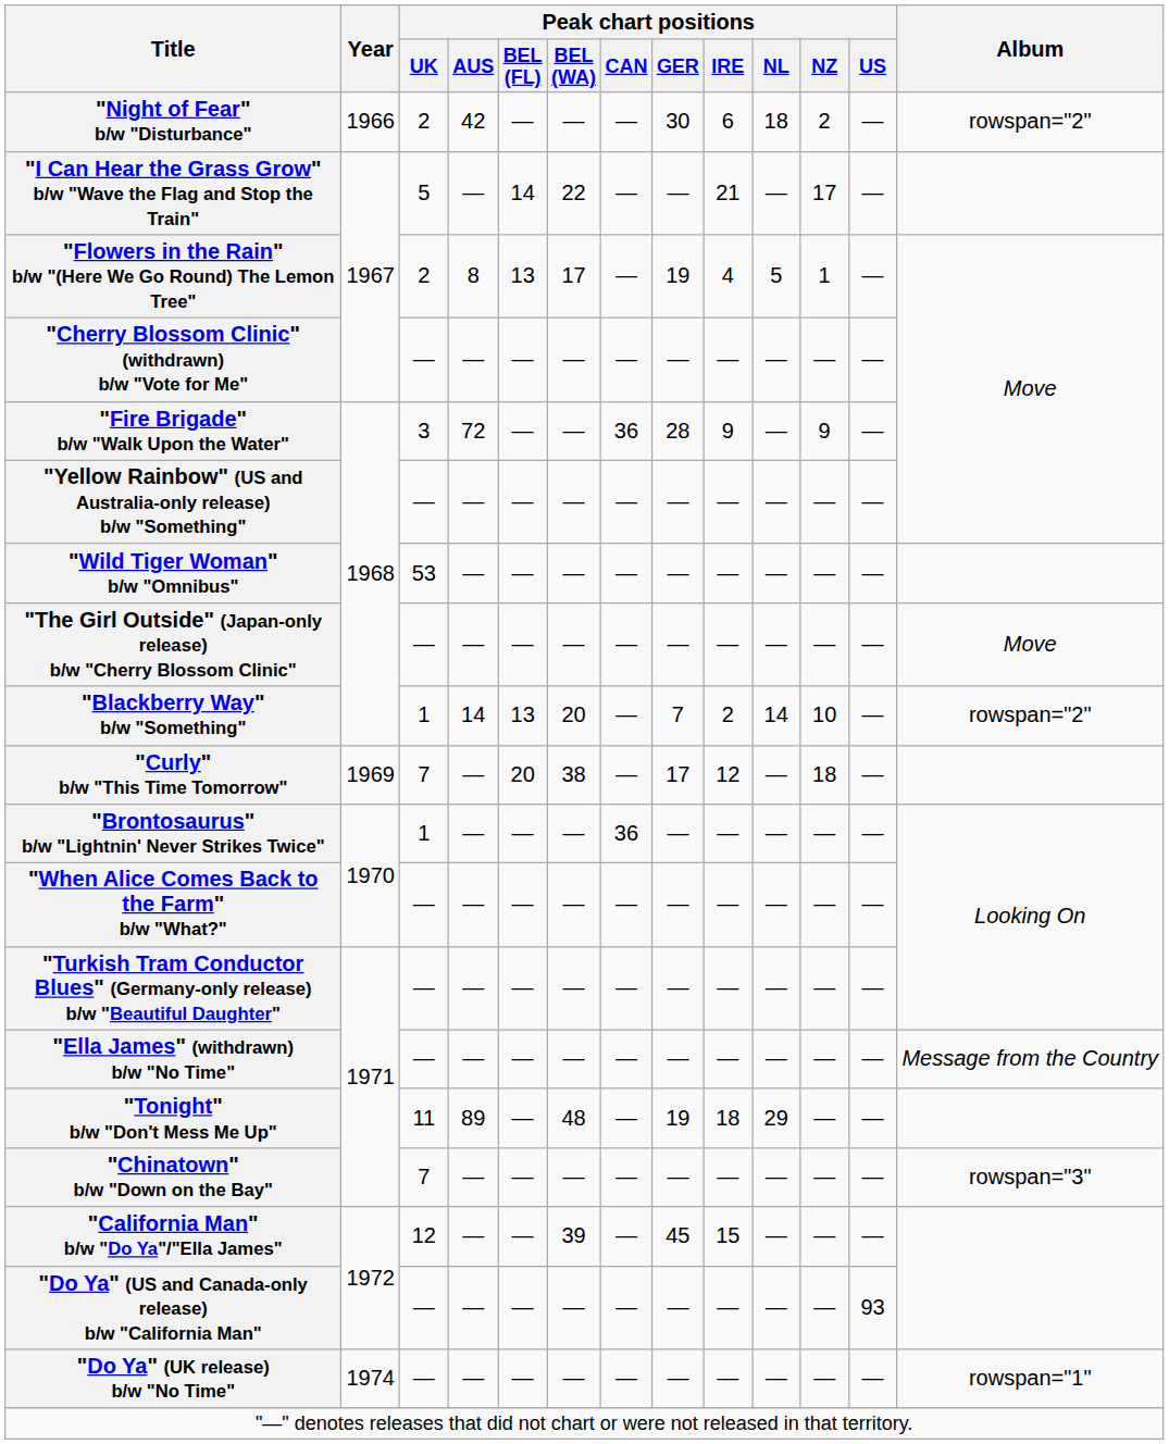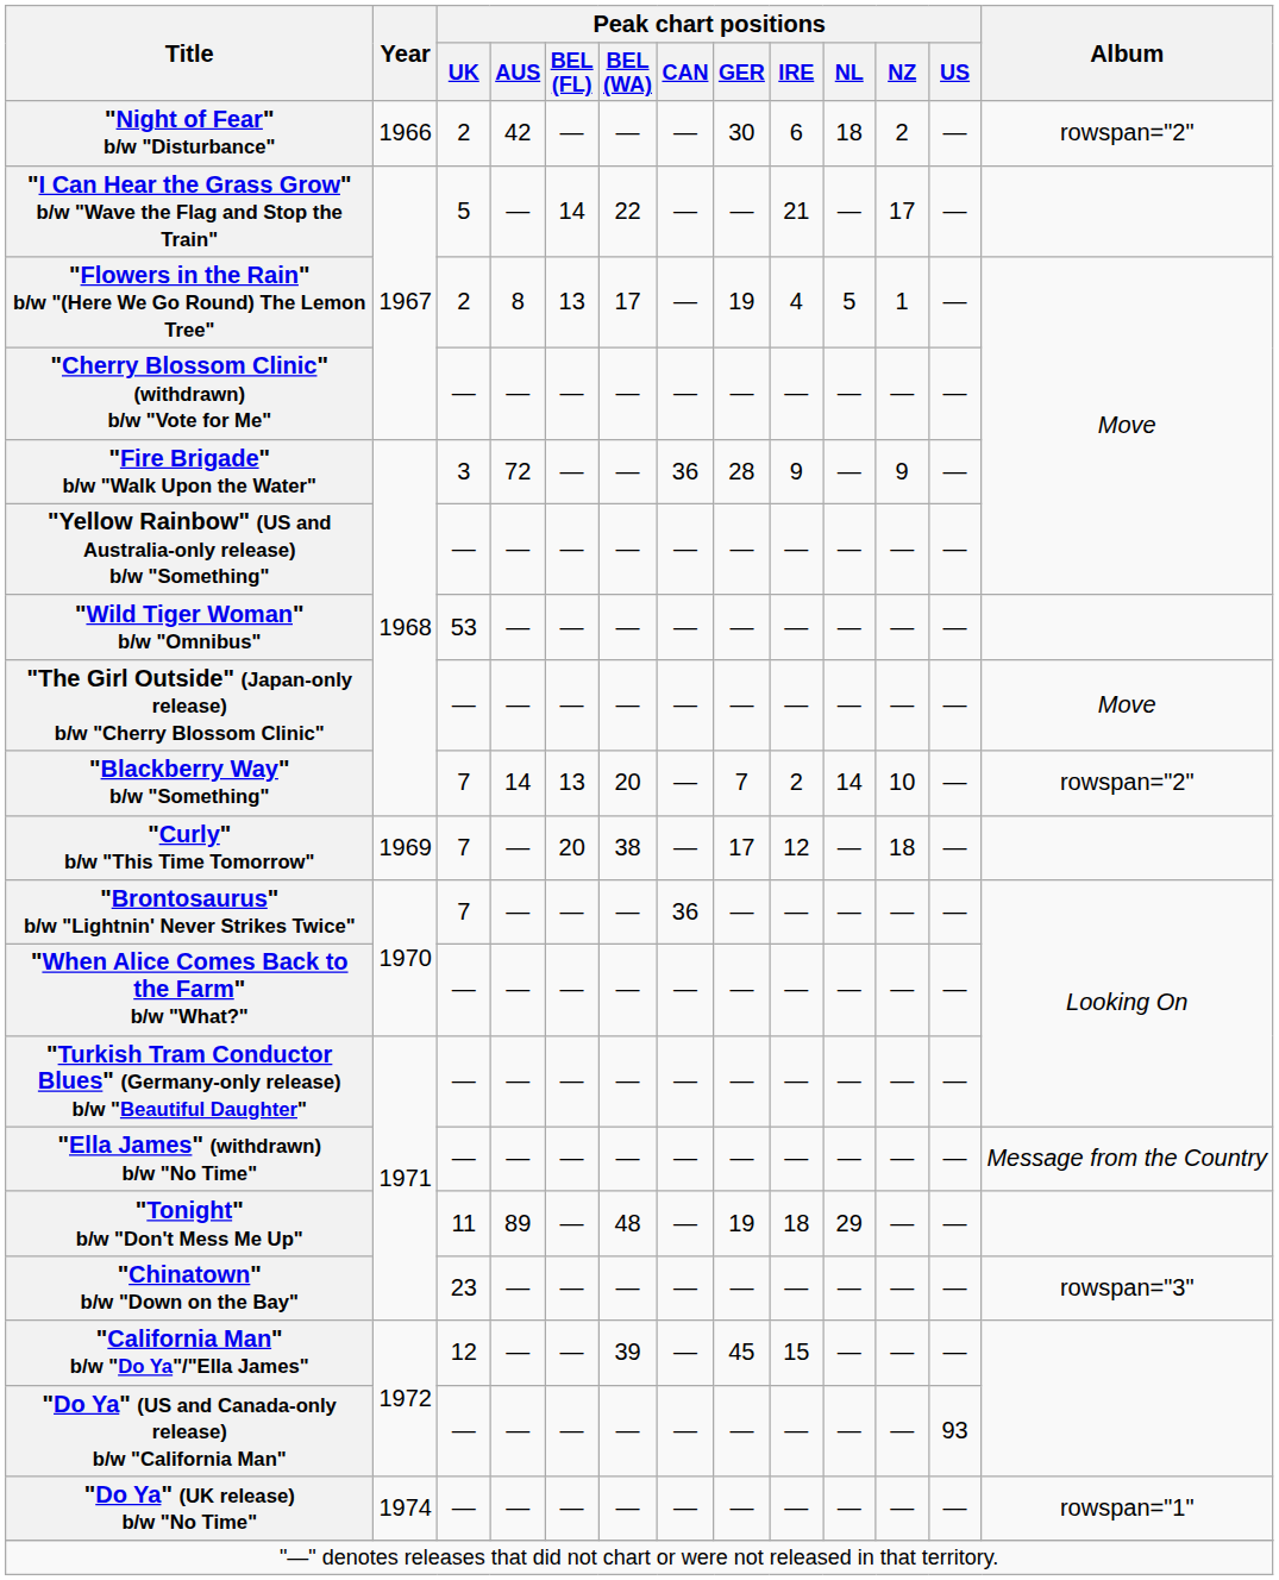 <table class="wikitable plainrowheaders" style="text-align:center;">
 <tr>
 <th rowspan="2" scope="col" style="width:15em;">Title</th>
 <th rowspan="2" scope="col" style="width:2em;">Year</th>
 <th colspan="10">Peak chart positions</th>
 <th rowspan="2">Album</th>
 </tr>
 <tr>
 <th scope="col" style="width:2em;font-size:90%;"><a href='#'>UK</a><br></th>
 <th scope="col" style="width:2em;font-size:90%;"><a href='#'>AUS</a><br></th>
 <th scope="col" style="width:2em;font-size:90%;"><a href='#'>BEL (FL)</a><br></th>
 <th scope="col" style="width:2em;font-size:90%;"><a href='#'>BEL (WA)</a><br></th>
 <th scope="col" style="width:2em;font-size:90%;"><a href='#'>CAN</a><br></th>
 <th scope="col" style="width:2em;font-size:90%;"><a href='#'>GER</a><br></th>
 <th scope="col" style="width:2em;font-size:90%;"><a href='#'>IRE</a><br></th>
 <th scope="col" style="width:2em;font-size:90%;"><a href='#'>NL</a><br></th>
 <th scope="col" style="width:2em;font-size:90%;"><a href='#'>NZ</a><br></th>
 <th scope="col" style="width:2em;font-size:90%;"><a href='#'>US</a><br></th>
 </tr>
 <tr>
 <th scope="row">"<a href='#'>Night of Fear</a>"<br><small>b/w "Disturbance"</small></th>
 <td>1966</td>
 <td>2</td>
 <td>42</td>
 <td>—</td>
 <td>—</td>
 <td>—</td>
 <td>30</td>
 <td>6</td>
 <td>18</td>
 <td>2</td>
 <td>—</td>
 <td>rowspan="2" </td>
 </tr>
 <tr>
 <th scope="row">"<a href='#'>I Can Hear the Grass Grow</a>"<br><small>b/w "Wave the Flag and Stop the Train"</small></th>
 <td rowspan="3">1967</td>
 <td>5</td>
 <td>—</td>
 <td>14</td>
 <td>22</td>
 <td>—</td>
 <td>—</td>
 <td>21</td>
 <td>—</td>
 <td>17</td>
 <td>—</td>
 </tr>
 <tr>
 <th scope="row">"<a href='#'>Flowers in the Rain</a>"<br><small>b/w "(Here We Go Round) The Lemon Tree"</small></th>
 <td>2</td>
 <td>8</td>
 <td>13</td>
 <td>17</td>
 <td>—</td>
 <td>19</td>
 <td>4</td>
 <td>5</td>
 <td>1</td>
 <td>—</td>
 <td rowspan="4"><em>Move</em></td>
 </tr>
 <tr>
 <th scope="row">"<a href='#'>Cherry Blossom Clinic</a>" <small>(withdrawn)</small><br><small>b/w "Vote for Me"</small></th>
 <td>—</td>
 <td>—</td>
 <td>—</td>
 <td>—</td>
 <td>—</td>
 <td>—</td>
 <td>—</td>
 <td>—</td>
 <td>—</td>
 <td>—</td>
 </tr>
 <tr>
 <th scope="row">"<a href='#'>Fire Brigade</a>"<br><small>b/w "Walk Upon the Water"</small></th>
 <td rowspan="5">1968</td>
 <td>3</td>
 <td>72</td>
 <td>—</td>
 <td>—</td>
 <td>36</td>
 <td>28</td>
 <td>9</td>
 <td>—</td>
 <td>9</td>
 <td>—</td>
 </tr>
 <tr>
 <th scope="row">"Yellow Rainbow" <small>(US and Australia-only release)</small><br><small>b/w "Something"</small></th>
 <td>—</td>
 <td>—</td>
 <td>—</td>
 <td>—</td>
 <td>—</td>
 <td>—</td>
 <td>—</td>
 <td>—</td>
 <td>—</td>
 <td>—</td>
 </tr>
 <tr>
 <th scope="row">"<a href='#'>Wild Tiger Woman</a>"<br><small>b/w "Omnibus"</small></th>
 <td>53</td>
 <td>—</td>
 <td>—</td>
 <td>—</td>
 <td>—</td>
 <td>—</td>
 <td>—</td>
 <td>—</td>
 <td>—</td>
 <td>—</td>
 <td></td>
 </tr>
 <tr>
 <th scope="row">"The Girl Outside" <small>(Japan-only release)</small><br><small>b/w "Cherry Blossom Clinic"</small></th>
 <td>—</td>
 <td>—</td>
 <td>—</td>
 <td>—</td>
 <td>—</td>
 <td>—</td>
 <td>—</td>
 <td>—</td>
 <td>—</td>
 <td>—</td>
 <td><em>Move</em></td>
 </tr>
 <tr>
 <th scope="row">"<a href='#'>Blackberry Way</a>"<br><small>b/w "Something"</small></th>
-<td>1</td>
+<td>7</td>
 <td>14</td>
 <td>13</td>
 <td>20</td>
 <td>—</td>
 <td>7</td>
 <td>2</td>
 <td>14</td>
 <td>10</td>
 <td>—</td>
 <td>rowspan="2" </td>
 </tr>
 <tr>
 <th scope="row">"<a href='#'>Curly</a>"<br><small>b/w "This Time Tomorrow"</small></th>
 <td>1969</td>
 <td>7</td>
 <td>—</td>
 <td>20</td>
 <td>38</td>
 <td>—</td>
 <td>17</td>
 <td>12</td>
 <td>—</td>
 <td>18</td>
 <td>—</td>
 </tr>
 <tr>
 <th scope="row">"<a href='#'>Brontosaurus</a>"<br><small>b/w "Lightnin' Never Strikes Twice"</small></th>
 <td rowspan="2">1970</td>
-<td>1</td>
+<td>7</td>
 <td>—</td>
 <td>—</td>
 <td>—</td>
 <td>36</td>
 <td>—</td>
 <td>—</td>
 <td>—</td>
 <td>—</td>
 <td>—</td>
 <td rowspan="3"><em>Looking On</em></td>
 </tr>
 <tr>
 <th scope="row">"<a href='#'>When Alice Comes Back to the Farm</a>"<br><small>b/w "What?"</small></th>
 <td>—</td>
 <td>—</td>
 <td>—</td>
 <td>—</td>
 <td>—</td>
 <td>—</td>
 <td>—</td>
 <td>—</td>
 <td>—</td>
 <td>—</td>
 </tr>
 <tr>
 <th scope="row">"<a href='#'>Turkish Tram Conductor Blues</a>" <small>(Germany-only release)</small><br><small>b/w "<a href='#'>Beautiful Daughter</a>"</small></th>
 <td rowspan="4">1971</td>
 <td>—</td>
 <td>—</td>
 <td>—</td>
 <td>—</td>
 <td>—</td>
 <td>—</td>
 <td>—</td>
 <td>—</td>
 <td>—</td>
 <td>—</td>
 </tr>
 <tr>
 <th scope="row">"<a href='#'>Ella James</a>" <small>(withdrawn)</small><br><small>b/w "No Time"</small></th>
 <td>—</td>
 <td>—</td>
 <td>—</td>
 <td>—</td>
 <td>—</td>
 <td>—</td>
 <td>—</td>
 <td>—</td>
 <td>—</td>
 <td>—</td>
 <td><em>Message from the Country</em></td>
 </tr>
 <tr>
 <th scope="row">"<a href='#'>Tonight</a>"<br><small>b/w "Don't Mess Me Up"</small></th>
 <td>11</td>
 <td>89</td>
 <td>—</td>
 <td>48</td>
 <td>—</td>
 <td>19</td>
 <td>18</td>
 <td>29</td>
 <td>—</td>
 <td>—</td>
 <td></td>
 </tr>
 <tr>
 <th scope="row">"<a href='#'>Chinatown</a>"<br><small>b/w "Down on the Bay"</small></th>
-<td>7</td>
+<td>23</td>
 <td>—</td>
 <td>—</td>
 <td>—</td>
 <td>—</td>
 <td>—</td>
 <td>—</td>
 <td>—</td>
 <td>—</td>
 <td>—</td>
 <td>rowspan="3" </td>
 </tr>
 <tr>
 <th scope="row">"<a href='#'>California Man</a>"<br><small>b/w "<a href='#'>Do Ya</a>"/"Ella James"</small></th>
 <td rowspan="2">1972</td>
 <td>12</td>
 <td>—</td>
 <td>—</td>
 <td>39</td>
 <td>—</td>
 <td>45</td>
 <td>15</td>
 <td>—</td>
 <td>—</td>
 <td>—</td>
 </tr>
 <tr>
 <th scope="row">"<a href='#'>Do Ya</a>" <small>(US and Canada-only release)</small><br><small>b/w "California Man"</small></th>
 <td>—</td>
 <td>—</td>
 <td>—</td>
 <td>—</td>
 <td>—</td>
 <td>—</td>
 <td>—</td>
 <td>—</td>
 <td>—</td>
 <td>93</td>
 </tr>
 <tr>
 <th scope="row">"<a href='#'>Do Ya</a>" <small>(UK release)</small><br><small>b/w "No Time"</small></th>
 <td rowspan="1">1974</td>
 <td>—</td>
 <td>—</td>
 <td>—</td>
 <td>—</td>
 <td>—</td>
 <td>—</td>
 <td>—</td>
 <td>—</td>
 <td>—</td>
 <td>—</td>
 <td>rowspan="1" </td>
 </tr>
 <tr>
 </tr>
 <tr>
 </tr>
 <tr>
 <td colspan="13" style="font-size:90%">"—" denotes releases that did not chart or were not released in that territory.</td>
 </tr>
 </table>
